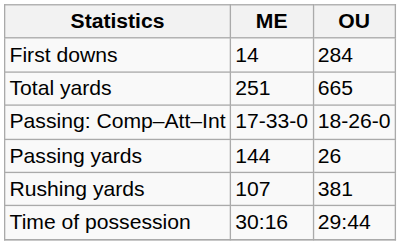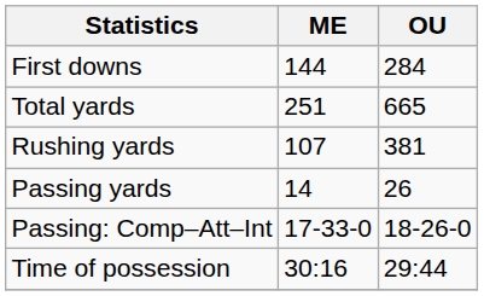 <table class="wikitable" style="float: left;">
 <tr>
 <th>Statistics</th>
 <th>ME</th>
 <th>OU</th>
 </tr>
 <tr>
 <td>First downs</td>
-<td>14</td>
+<td>144</td>
 <td>284</td>
 </tr>
 <tr>
 <td>Total yards</td>
 <td>251</td>
 <td>665</td>
 </tr>
 <tr>
+<td>Rushing yards</td>
+<td>107</td>
+<td>381</td>
+</tr>
+<tr>
+<td>Passing yards</td>
+<td>14</td>
+<td>26</td>
+</tr>
+<tr>
 <td>Passing: Comp–Att–Int</td>
 <td>17-33-0</td>
 <td>18-26-0</td>
-</tr>
-<tr>
-<td>Passing yards</td>
-<td>144</td>
-<td>26</td>
-</tr>
-<tr>
-<td>Rushing yards</td>
-<td>107</td>
-<td>381</td>
 </tr>
 <tr>
 <td>Time of possession</td>
 <td>30:16</td>
 <td>29:44</td>
 </tr>
 <tr>
 </tr>
 </table>
